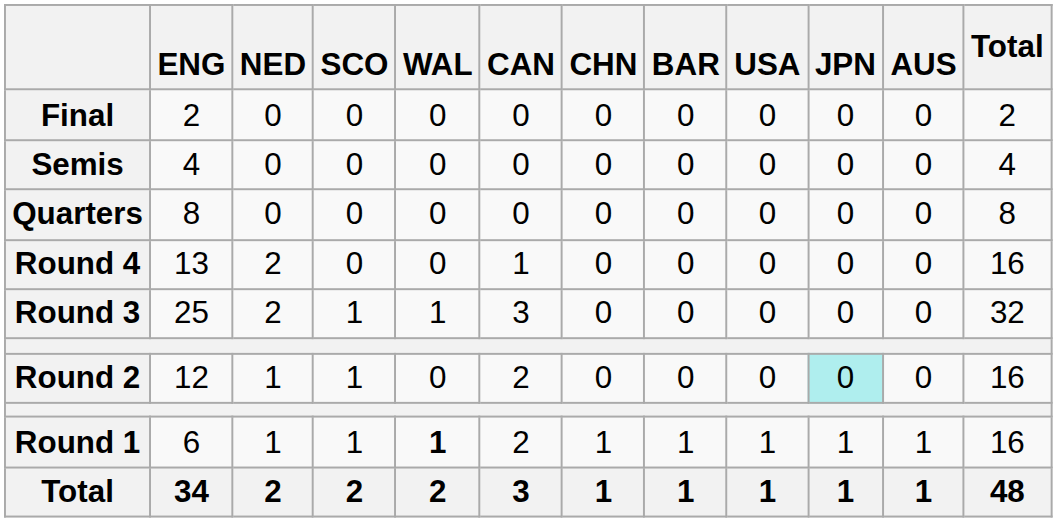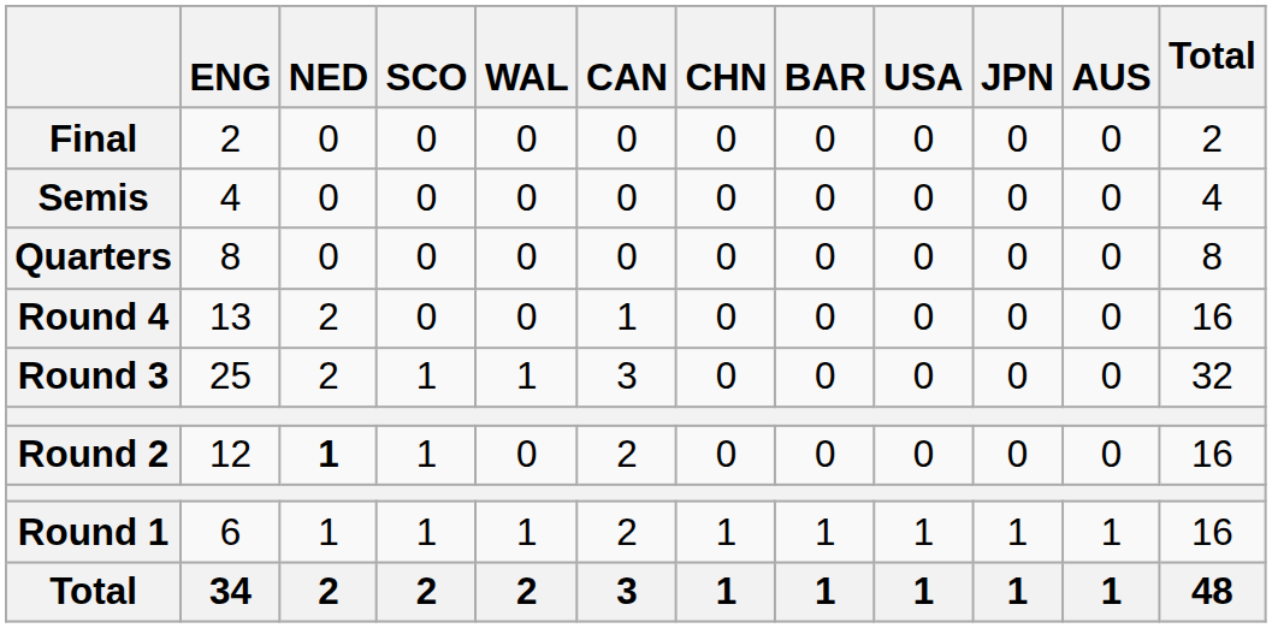 <table class="wikitable">
 <tr>
 <th></th>
 <th> <br>ENG</th>
 <th> <br>NED</th>
 <th> <br>SCO</th>
 <th> <br>WAL</th>
 <th> <br>CAN</th>
 <th> <br>CHN</th>
 <th> <br>BAR</th>
 <th> <br>USA</th>
 <th> <br>JPN</th>
 <th> <br>AUS</th>
 <th>Total</th>
 </tr>
 <tr align="center">
 <th>Final</th>
 <td>2</td>
 <td>0</td>
 <td>0</td>
 <td>0</td>
 <td>0</td>
 <td>0</td>
 <td>0</td>
 <td>0</td>
 <td>0</td>
 <td>0</td>
 <td>2</td>
 </tr>
 <tr align="center">
 <th>Semis</th>
 <td>4</td>
 <td>0</td>
 <td>0</td>
 <td>0</td>
 <td>0</td>
 <td>0</td>
 <td>0</td>
 <td>0</td>
 <td>0</td>
 <td>0</td>
 <td>4</td>
 </tr>
 <tr align="center">
 <th>Quarters</th>
 <td>8</td>
 <td>0</td>
 <td>0</td>
 <td>0</td>
 <td>0</td>
 <td>0</td>
 <td>0</td>
 <td>0</td>
 <td>0</td>
 <td>0</td>
 <td>8</td>
 </tr>
 <tr align="center">
 <th>Round 4</th>
 <td>13</td>
 <td>2</td>
 <td>0</td>
 <td>0</td>
 <td>1</td>
 <td>0</td>
 <td>0</td>
 <td>0</td>
 <td>0</td>
 <td>0</td>
 <td>16</td>
 </tr>
 <tr align="center">
 <th>Round 3</th>
 <td>25</td>
 <td>2</td>
 <td>1</td>
 <td>1</td>
 <td>3</td>
 <td>0</td>
 <td>0</td>
 <td>0</td>
 <td>0</td>
 <td>0</td>
 <td>32</td>
 </tr>
 <tr align="center">
 <th colspan=26></th>
 </tr>
 <tr align="center">
 <th>Round 2</th>
 <td>12</td>
-<td>1</td>
+<td><strong>1</strong></td>
 <td>1</td>
 <td>0</td>
 <td>2</td>
 <td>0</td>
 <td>0</td>
 <td>0</td>
-<td style="background: paleturquoise;">0</td>
+<td>0</td>
 <td>0</td>
 <td>16</td>
 </tr>
 <tr align="center">
 <th colspan=26></th>
 </tr>
 <tr align="center">
 <th>Round 1</th>
 <td>6</td>
 <td>1</td>
 <td>1</td>
-<td><strong>1</strong></td>
+<td>1</td>
 <td>2</td>
 <td>1</td>
 <td>1</td>
 <td>1</td>
 <td>1</td>
 <td>1</td>
 <td>16</td>
 </tr>
 <tr>
 <th>Total</th>
 <th>34</th>
 <th>2</th>
 <th>2</th>
 <th>2</th>
 <th>3</th>
 <th>1</th>
 <th>1</th>
 <th>1</th>
 <th>1</th>
 <th>1</th>
 <th>48</th>
 </tr>
 </table>
